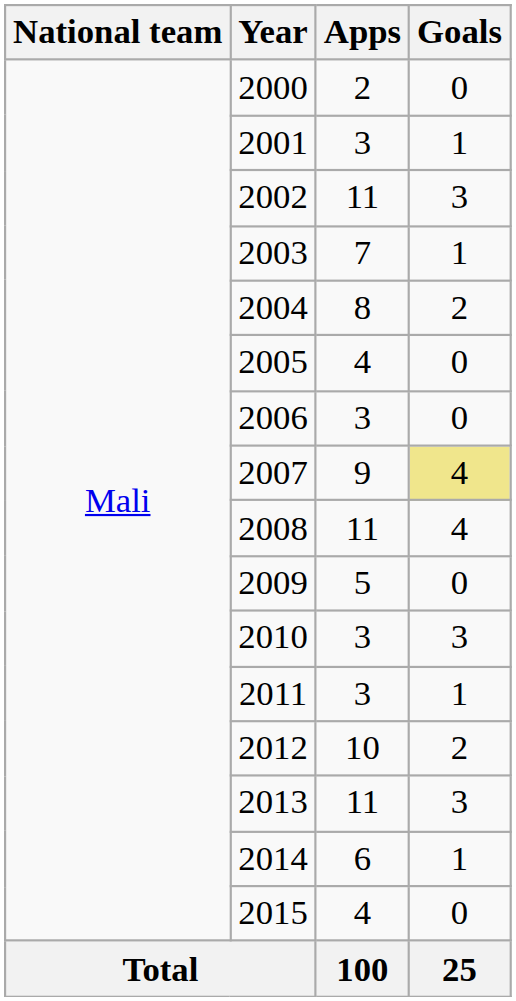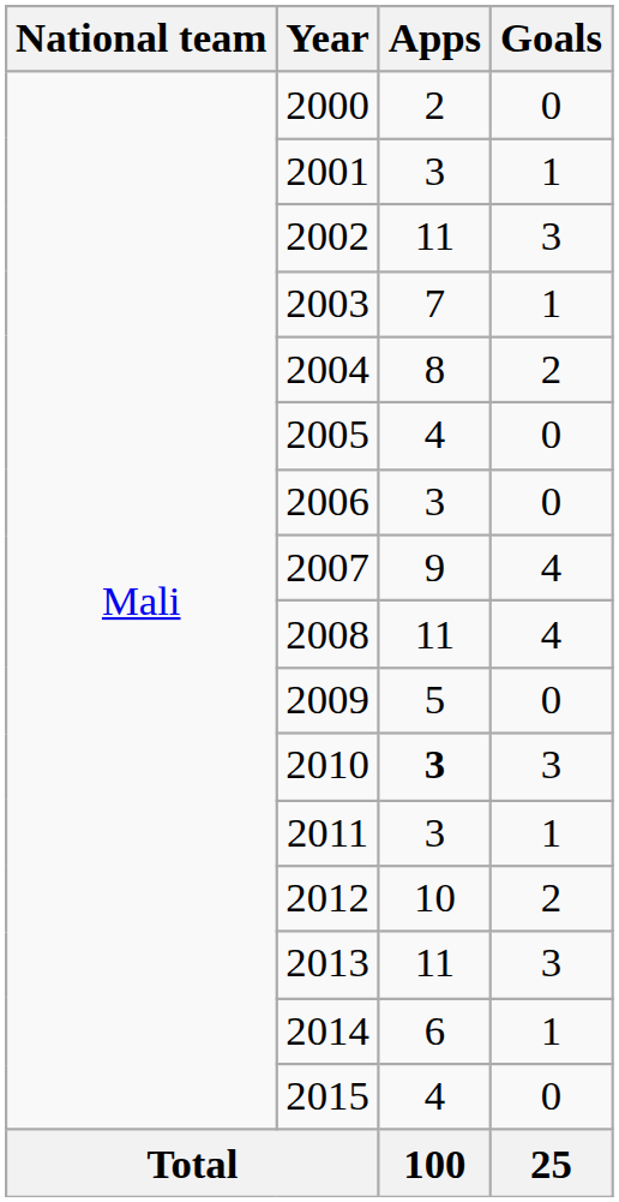 <table class="wikitable" style="text-align:center">
 <tr>
 <th>National team</th>
 <th>Year</th>
 <th>Apps</th>
 <th>Goals</th>
 </tr>
 <tr>
 <td rowspan="16"><a href='#'>Mali</a></td>
 <td>2000</td>
 <td>2</td>
 <td>0</td>
 </tr>
 <tr>
 <td>2001</td>
 <td>3</td>
 <td>1</td>
 </tr>
 <tr>
 <td>2002</td>
 <td>11</td>
 <td>3</td>
 </tr>
 <tr>
 <td>2003</td>
 <td>7</td>
 <td>1</td>
 </tr>
 <tr>
 <td>2004</td>
 <td>8</td>
 <td>2</td>
 </tr>
 <tr>
 <td>2005</td>
 <td>4</td>
 <td>0</td>
 </tr>
 <tr>
 <td>2006</td>
 <td>3</td>
 <td>0</td>
 </tr>
 <tr>
 <td>2007</td>
 <td>9</td>
-<td style="background: khaki;">4</td>
+<td>4</td>
 </tr>
 <tr>
 <td>2008</td>
 <td>11</td>
 <td>4</td>
 </tr>
 <tr>
 <td>2009</td>
 <td>5</td>
 <td>0</td>
 </tr>
 <tr>
 <td>2010</td>
-<td>3</td>
+<td><strong>3</strong></td>
 <td>3</td>
 </tr>
 <tr>
 <td>2011</td>
 <td>3</td>
 <td>1</td>
 </tr>
 <tr>
 <td>2012</td>
 <td>10</td>
 <td>2</td>
 </tr>
 <tr>
 <td>2013</td>
 <td>11</td>
 <td>3</td>
 </tr>
 <tr>
 <td>2014</td>
 <td>6</td>
 <td>1</td>
 </tr>
 <tr>
 <td>2015</td>
 <td>4</td>
 <td>0</td>
 </tr>
 <tr>
 <th colspan="2">Total</th>
 <th>100</th>
 <th>25</th>
 </tr>
 </table>
